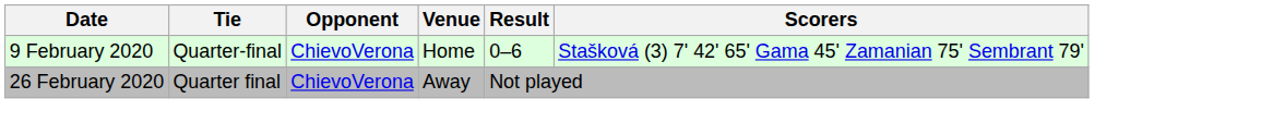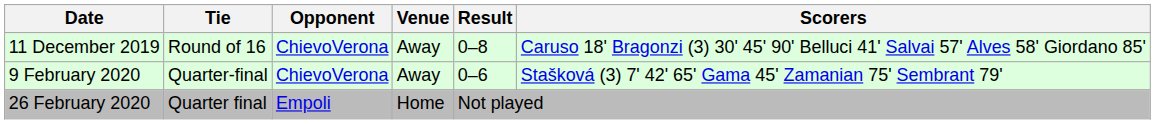 <table class="wikitable" style="text-align:left">
 <tr>
 <th>Date</th>
 <th>Tie</th>
 <th>Opponent</th>
 <th>Venue</th>
 <th>Result</th>
 <th>Scorers</th>
 </tr>
 <tr style="background:#ddffdd">
+<td>11 December 2019</td>
+<td>Round of 16</td>
+<td><a href='#'>ChievoVerona</a></td>
+<td>Away</td>
+<td>0–8</td>
+<td><a href='#'>Caruso</a> 18' <a href='#'>Bragonzi</a> (3) 30' 45' 90' Belluci 41' <a href='#'>Salvai</a> 57' <a href='#'>Alves</a> 58' Giordano 85'</td>
+</tr>
+<tr style="background:#ddffdd">
 <td>9 February 2020</td>
 <td>Quarter-final</td>
 <td><a href='#'>ChievoVerona</a></td>
-<td>Home</td>
+<td>Away</td>
 <td>0–6</td>
 <td><a href='#'>Stašková</a> (3) 7' 42' 65' <a href='#'>Gama</a> 45' <a href='#'>Zamanian</a> 75' <a href='#'>Sembrant</a> 79'</td>
 </tr>
 <tr style="background:#bbbbbb">
 <td>26 February 2020</td>
 <td>Quarter final</td>
-<td><a href='#'>ChievoVerona</a></td>
-<td>Away</td>
+<td><a href='#'>Empoli</a></td>
+<td>Home</td>
 <td colspan="2">Not played</td>
 </tr>
 </table>
